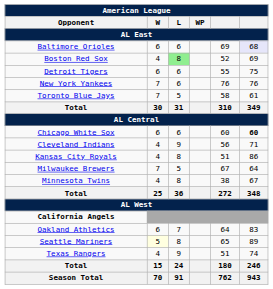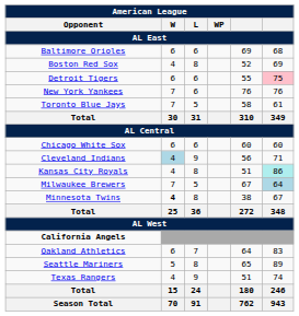 <table class="wikitable" style="font-size:95%; text-align:center; width:35em;margin: 0.5em auto;">
 <tr>
 <th colspan="7" style="background:#03224c; color:#ffffff;">American League</th>
 </tr>
 <tr>
 <th>Opponent</th>
 <th>W</th>
 <th>L</th>
 <th>WP</th>
 <th></th>
 <th></th>
 </tr>
 <tr>
 <th colspan="7" style="background:#03224c; color:#ffffff;">AL East</th>
 </tr>
 <tr>
 <td><a href='#'>Baltimore Orioles</a></td>
 <td>6</td>
 <td>6</td>
 <td></td>
 <td>69</td>
-<td style="background: lavender;">68</td>
+<td>68</td>
 </tr>
 <tr>
 <td><a href='#'>Boston Red Sox</a></td>
 <td>4</td>
-<td style="background: lightgreen;">8</td>
+<td>8</td>
 <td></td>
 <td>52</td>
 <td>69</td>
 </tr>
 <tr>
 <td><a href='#'>Detroit Tigers</a></td>
 <td>6</td>
 <td>6</td>
 <td></td>
 <td>55</td>
-<td>75</td>
+<td style="background: pink;">75</td>
 </tr>
 <tr>
 <td><a href='#'>New York Yankees</a></td>
 <td>7</td>
 <td>6</td>
 <td></td>
 <td>76</td>
 <td>76</td>
 </tr>
 <tr>
 <td><a href='#'>Toronto Blue Jays</a></td>
 <td>7</td>
 <td>5</td>
 <td></td>
 <td>58</td>
 <td>61</td>
 </tr>
 <tr>
 <th>Total</th>
 <th>30</th>
 <th>31</th>
 <th></th>
 <th>310</th>
 <th>349</th>
 </tr>
 <tr>
 <th colspan="7" style="background:#03224c; color:#ffffff;">AL Central</th>
 </tr>
 <tr>
 <td><a href='#'>Chicago White Sox</a></td>
 <td>6</td>
 <td>6</td>
 <td></td>
 <td>60</td>
-<td><strong>60</strong></td>
+<td>60</td>
 </tr>
 <tr>
 <td><a href='#'>Cleveland Indians</a></td>
-<td>4</td>
+<td style="background: lightblue;">4</td>
 <td>9</td>
 <td></td>
 <td>56</td>
 <td>71</td>
 </tr>
 <tr>
 <td><a href='#'>Kansas City Royals</a></td>
 <td>4</td>
 <td>8</td>
 <td></td>
 <td>51</td>
-<td>86</td>
+<td style="background: paleturquoise;">86</td>
 </tr>
 <tr>
 <td><a href='#'>Milwaukee Brewers</a></td>
 <td>7</td>
 <td>5</td>
 <td></td>
 <td>67</td>
-<td>64</td>
+<td style="background: lightblue;">64</td>
 </tr>
 <tr>
 <td><a href='#'>Minnesota Twins</a></td>
-<td>4</td>
+<td><strong>4</strong></td>
 <td>8</td>
 <td></td>
 <td>38</td>
 <td>67</td>
 </tr>
 <tr>
 <th>Total</th>
 <th>25</th>
 <th>36</th>
 <th></th>
 <th>272</th>
 <th>348</th>
 </tr>
 <tr>
 <th colspan="7" style="background:#03224c; color:#ffffff;">AL West</th>
 </tr>
 <tr>
 <td><strong>California Angels</strong></td>
 <td colspan=5 style="background:darkgray;"></td>
 </tr>
 <tr>
 <td><a href='#'>Oakland Athletics</a></td>
 <td>6</td>
 <td>7</td>
 <td></td>
 <td>64</td>
 <td>83</td>
 </tr>
 <tr>
 <td><a href='#'>Seattle Mariners</a></td>
-<td style="background: lightyellow;">5</td>
+<td>5</td>
 <td>8</td>
 <td></td>
 <td>65</td>
 <td>89</td>
 </tr>
 <tr>
 <td><a href='#'>Texas Rangers</a></td>
 <td>4</td>
 <td>9</td>
 <td></td>
 <td>51</td>
 <td>74</td>
 </tr>
 <tr>
 <th>Total</th>
 <th>15</th>
 <th>24</th>
 <th></th>
 <th>180</th>
 <th>246</th>
 </tr>
 <tr>
 <th>Season Total</th>
 <th>70</th>
 <th>91</th>
 <th></th>
 <th>762</th>
 <th>943</th>
 </tr>
 </table>
